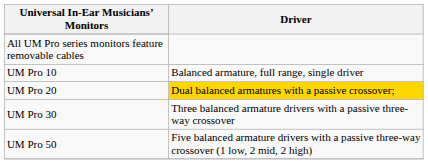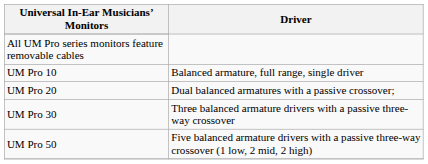 <table class="wikitable" style="margin:left;">
 <tr>
 <th bgcolor="gray"><span>Universal In-Ear Musicians’ Monitors</span></th>
 <th bgcolor="gray"><span>Driver</span></th>
 </tr>
 <tr>
 </tr>
 <tr>
 <td>All UM Pro series monitors feature removable cables</td>
 </tr>
 <tr>
 <td>UM Pro 10</td>
 <td>Balanced armature, full range, single driver</td>
 </tr>
 <tr>
 <td>UM Pro 20</td>
-<td style="background: gold;">Dual balanced armatures with a passive crossover;</td>
+<td>Dual balanced armatures with a passive crossover;</td>
 </tr>
 <tr>
 <td>UM Pro 30</td>
 <td>Three balanced armature drivers with a passive three-way crossover</td>
 </tr>
 <tr>
 <td>UM Pro 50</td>
 <td>Five balanced armature drivers with a passive three-way crossover (1 low, 2 mid, 2 high)</td>
 </tr>
 <tr>
 </tr>
 </table>
